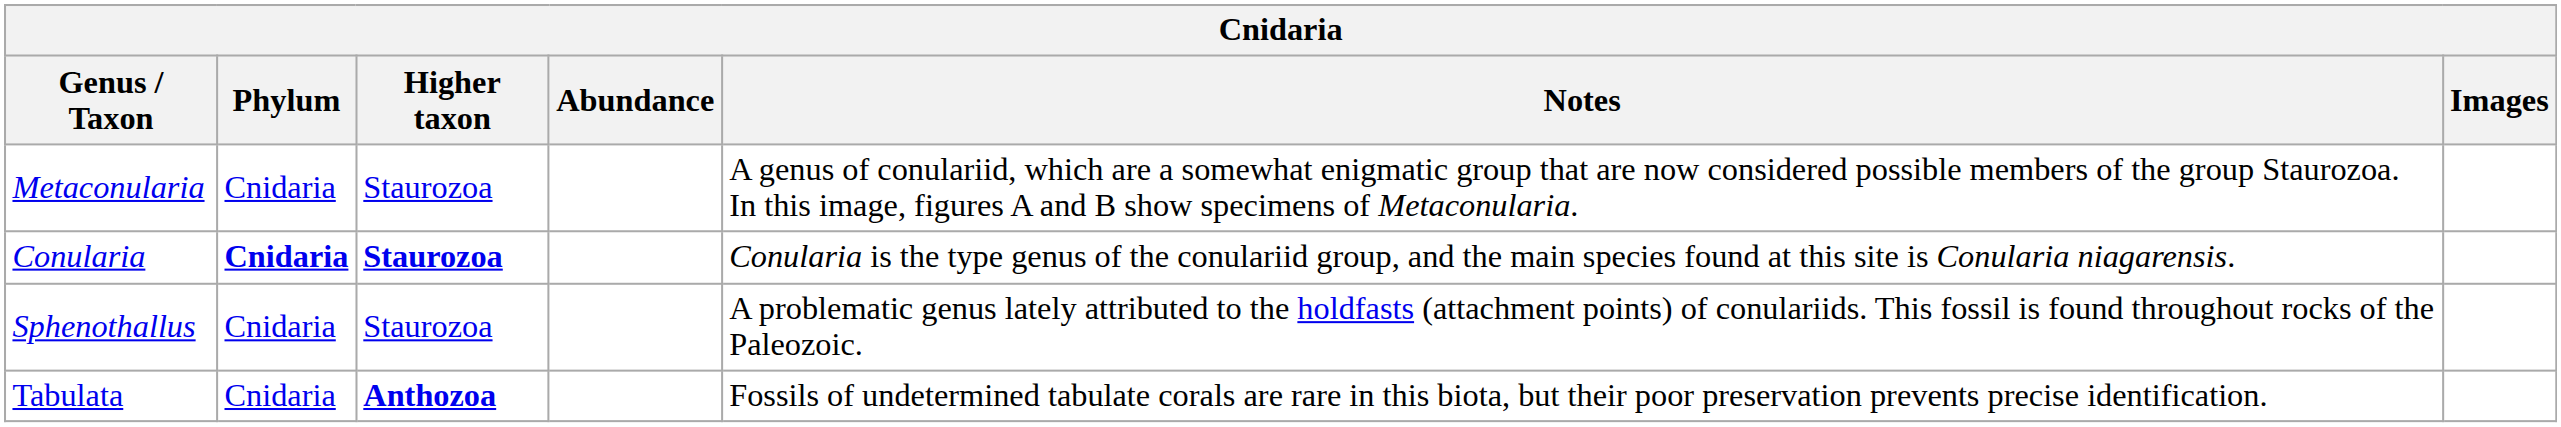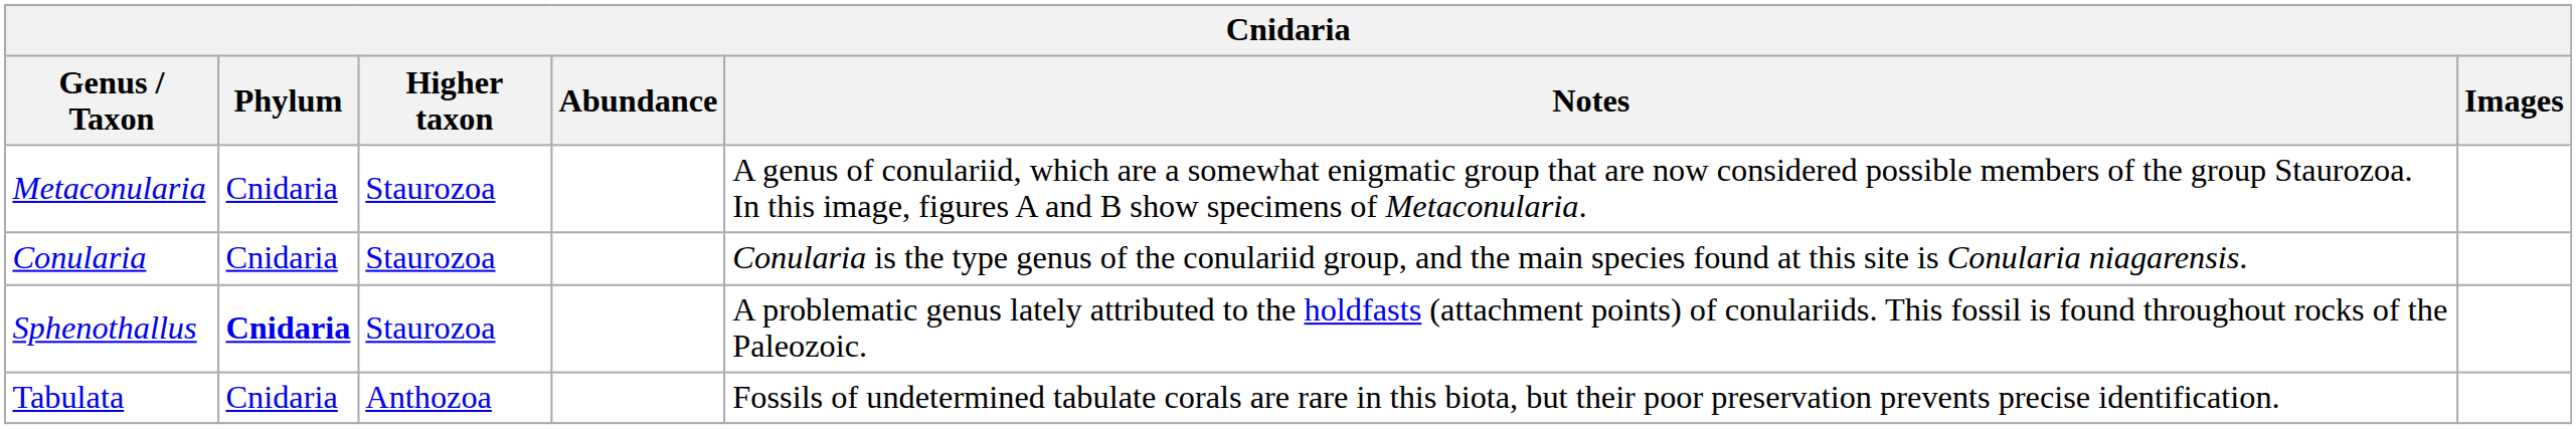 <table class="wikitable sortable" style="background:white; width:100%;">
 <tr>
 <th colspan="7" align="center">Cnidaria</th>
 </tr>
 <tr>
 <th>Genus / Taxon</th>
 <th>Phylum</th>
 <th>Higher taxon</th>
 <th>Abundance</th>
 <th>Notes</th>
 <th>Images</th>
 </tr>
 <tr>
 <td><em><a href='#'>Metaconularia</a></em></td>
 <td><a href='#'>Cnidaria</a></td>
 <td><a href='#'>Staurozoa</a></td>
 <td></td>
 <td>A genus of conulariid, which are a somewhat enigmatic group that are now considered possible members of the group Staurozoa.<br>In this image, figures A and B show specimens of <em>Metaconularia</em>.</td>
 <td></td>
 </tr>
 <tr>
 <td><em><a href='#'>Conularia</a></em></td>
-<td><strong><a href='#'>Cnidaria</a></strong></td>
-<td><strong><a href='#'>Staurozoa</a></strong></td>
+<td><a href='#'>Cnidaria</a></td>
+<td><a href='#'>Staurozoa</a></td>
 <td></td>
 <td><em>Conularia</em> is the type genus of the conulariid group, and the main species found at this site is <em>Conularia niagarensis</em>.</td>
 <td></td>
 </tr>
 <tr>
 <td><em><a href='#'>Sphenothallus</a></em></td>
-<td><a href='#'>Cnidaria</a></td>
+<td><strong><a href='#'>Cnidaria</a></strong></td>
 <td><a href='#'>Staurozoa</a></td>
 <td></td>
 <td>A problematic genus lately attributed to the <a href='#'>holdfasts</a> (attachment points) of conulariids. This fossil is found throughout rocks of the Paleozoic.</td>
 <td></td>
 </tr>
 <tr>
 <td><a href='#'>Tabulata</a></td>
 <td><a href='#'>Cnidaria</a></td>
-<td><strong><a href='#'>Anthozoa</a></strong></td>
+<td><a href='#'>Anthozoa</a></td>
 <td></td>
 <td>Fossils of undetermined tabulate corals are rare in this biota, but their poor preservation prevents precise identification.</td>
 </tr>
 </table>
